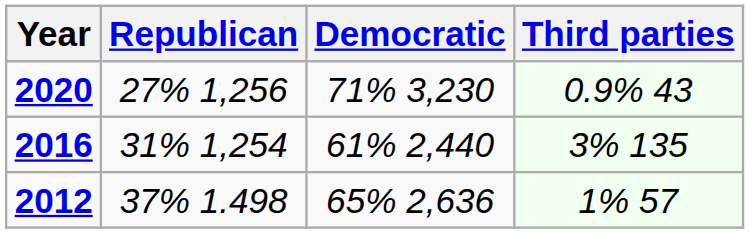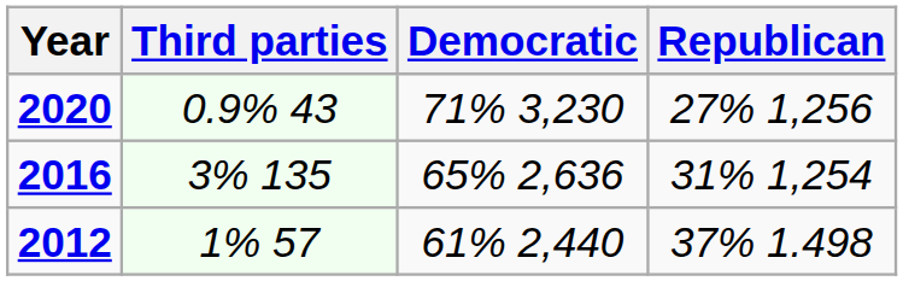 <table class="wikitable" style="float:right; font-size:95%;">
 <tr bgcolor=lightgrey>
 <th>Year</th>
+<th><a href='#'>Third parties</a></th>
+<th><a href='#'>Democratic</a></th>
 <th><a href='#'>Republican</a></th>
-<th><a href='#'>Democratic</a></th>
-<th><a href='#'>Third parties</a></th>
 </tr>
 <tr>
 <td style="text-align:center; "><strong><a href='#'>2020</a></strong></td>
+<td style="text-align:center; background:honeyDew;"><em>0.9%</em> <em>43</em></td>
+<td style="text-align:center; "><em>71%</em> <em>3,230</em></td>
 <td style="text-align:center; "><em>27%</em> <em>1,256</em></td>
-<td style="text-align:center; "><em>71%</em> <em>3,230</em></td>
-<td style="text-align:center; background:honeyDew;"><em>0.9%</em> <em>43</em></td>
 </tr>
 <tr>
 <td style="text-align:center; "><strong><a href='#'>2016</a></strong></td>
+<td style="text-align:center; background:honeyDew;"><em>3%</em> <em>135</em></td>
+<td style="text-align:center; "><em>65%</em> <em>2,636</em></td>
 <td style="text-align:center; "><em>31%</em> <em>1,254</em></td>
-<td style="text-align:center; "><em>61%</em> <em>2,440</em></td>
-<td style="text-align:center; background:honeyDew;"><em>3%</em> <em>135</em></td>
 </tr>
 <tr>
 <td style="text-align:center; "><strong><a href='#'>2012</a></strong></td>
+<td style="text-align:center; background:honeyDew;"><em>1%</em> <em>57</em></td>
+<td style="text-align:center; "><em>61%</em> <em>2,440</em></td>
 <td style="text-align:center; "><em>37%</em> <em>1.498</em></td>
-<td style="text-align:center; "><em>65%</em> <em>2,636</em></td>
-<td style="text-align:center; background:honeyDew;"><em>1%</em> <em>57</em></td>
 </tr>
 </table>
